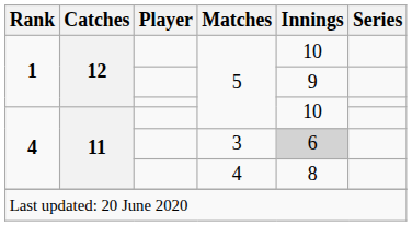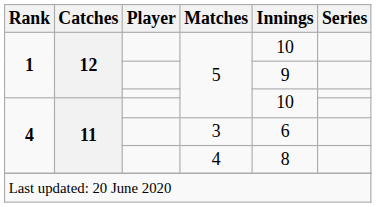 <table class="wikitable plainrowheaders sortable">
 <tr>
 <th scope=col>Rank</th>
 <th scope=col>Catches</th>
 <th scope=col>Player</th>
 <th scope=col>Matches</th>
 <th scope=col>Innings</th>
 <th scope=col>Series</th>
 </tr>
 <tr>
 <td align=center rowspan=3><strong>1</strong></td>
 <th scope=row style="text-align:center;" rowspan=3>12</th>
 <td></td>
 <td align=center rowspan=4>5</td>
 <td align=center>10</td>
 <td></td>
 </tr>
 <tr>
 <td></td>
 <td align=center>9</td>
 <td></td>
 </tr>
 <tr>
 <td></td>
 <td align=center rowspan=2>10</td>
 <td></td>
 </tr>
 <tr>
 <td align=center rowspan=3><strong>4</strong></td>
 <th scope=row style="text-align:center;" rowspan=3>11</th>
 <td></td>
 <td></td>
 </tr>
 <tr>
 <td></td>
 <td align=center>3</td>
-<td align=center style="background: lightgrey;">6</td>
+<td align=center>6</td>
 <td></td>
 </tr>
 <tr>
 <td></td>
 <td align=center>4</td>
 <td align=center>8</td>
 <td></td>
 </tr>
 <tr>
 </tr>
 <tr class=sortbottom>
 <td colspan=6><small>Last updated: 20 June 2020</small></td>
 </tr>
 </table>
